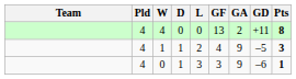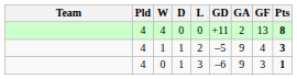 <table class="wikitable" style="text-align:center;">
 <tr>
 <th width=180>Team</th>
 <th width=20>Pld</th>
 <th width=20>W</th>
 <th width=20>D</th>
 <th width=20>L</th>
+<th width=20>GD</th>
+<th width=20>GA</th>
 <th width=20>GF</th>
-<th width=20>GA</th>
-<th width=20>GD</th>
 <th width=20>Pts</th>
 </tr>
 <tr bgcolor="ccffcc">
 <td align="left"></td>
 <td>4</td>
 <td>4</td>
 <td>0</td>
 <td>0</td>
+<td>+11</td>
+<td>2</td>
 <td>13</td>
-<td>2</td>
-<td>+11</td>
 <td><strong>8</strong></td>
 </tr>
 <tr>
 <td align="left"></td>
 <td>4</td>
 <td>1</td>
 <td>1</td>
 <td>2</td>
+<td>–5</td>
+<td>9</td>
 <td>4</td>
-<td>9</td>
-<td>–5</td>
 <td><strong>3</strong></td>
 </tr>
 <tr>
 <td align="left"></td>
 <td>4</td>
 <td>0</td>
 <td>1</td>
 <td>3</td>
+<td>–6</td>
+<td>9</td>
 <td>3</td>
-<td>9</td>
-<td>–6</td>
 <td><strong>1</strong></td>
 </tr>
 </table>
